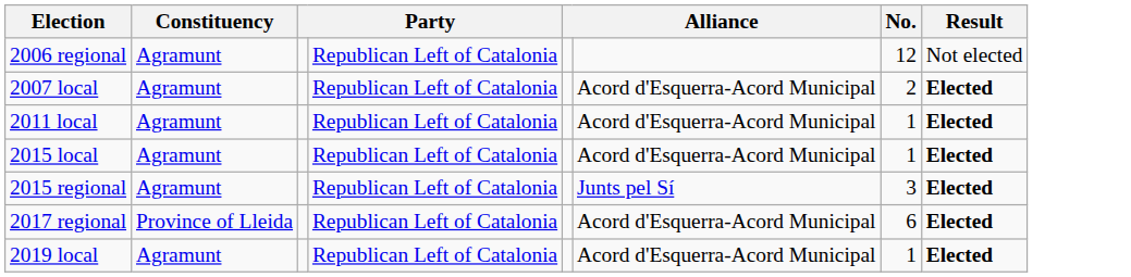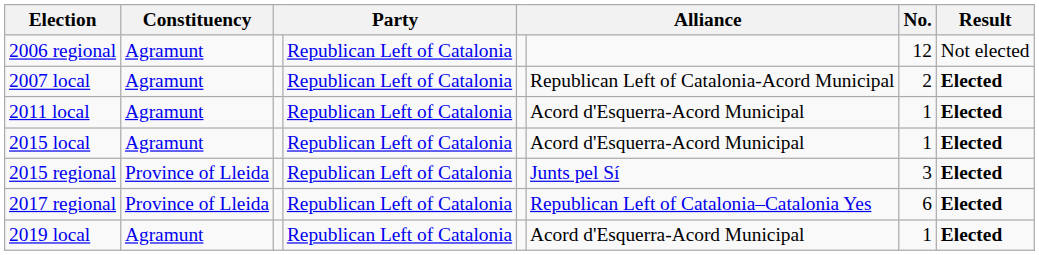 <table class="wikitable" style="text-align:left;">
 <tr>
 <th scope=col>Election</th>
 <th scope=col>Constituency</th>
 <th scope=col colspan="2">Party</th>
 <th scope=col colspan="2">Alliance</th>
 <th scope=col>No.</th>
 <th scope=col>Result</th>
 </tr>
 <tr>
 <td><a href='#'>2006 regional</a></td>
 <td><a href='#'>Agramunt</a></td>
 <td style="background:"></td>
 <td><a href='#'>Republican Left of Catalonia</a></td>
 <td></td>
 <td></td>
 <td align=right>12</td>
 <td>Not elected</td>
 </tr>
 <tr>
 <td><a href='#'>2007 local</a></td>
 <td><a href='#'>Agramunt</a></td>
 <td style="background:"></td>
 <td><a href='#'>Republican Left of Catalonia</a></td>
 <td></td>
-<td>Acord d'Esquerra-Acord Municipal</td>
+<td>Republican Left of Catalonia-Acord Municipal</td>
 <td align=right>2</td>
 <td><strong>Elected</strong></td>
 </tr>
 <tr>
 <td><a href='#'>2011 local</a></td>
 <td><a href='#'>Agramunt</a></td>
 <td style="background:"></td>
 <td><a href='#'>Republican Left of Catalonia</a></td>
 <td></td>
 <td>Acord d'Esquerra-Acord Municipal</td>
 <td align=right>1</td>
 <td><strong>Elected</strong></td>
 </tr>
 <tr>
 <td><a href='#'>2015 local</a></td>
 <td><a href='#'>Agramunt</a></td>
 <td style="background:"></td>
 <td><a href='#'>Republican Left of Catalonia</a></td>
 <td></td>
 <td>Acord d'Esquerra-Acord Municipal</td>
 <td align=right>1</td>
 <td><strong>Elected</strong></td>
 </tr>
 <tr>
 <td><a href='#'>2015 regional</a></td>
-<td><a href='#'>Agramunt</a></td>
+<td><a href='#'>Province of Lleida</a></td>
 <td style="background:"></td>
 <td><a href='#'>Republican Left of Catalonia</a></td>
 <td style="background:"></td>
 <td><a href='#'>Junts pel Sí</a></td>
 <td align=right>3</td>
 <td><strong>Elected</strong></td>
 </tr>
 <tr>
 <td><a href='#'>2017 regional</a></td>
 <td><a href='#'>Province of Lleida</a></td>
 <td style="background:"></td>
 <td><a href='#'>Republican Left of Catalonia</a></td>
 <td style="background:"></td>
-<td>Acord d'Esquerra-Acord Municipal</td>
+<td><a href='#'>Republican Left of Catalonia–Catalonia Yes</a></td>
 <td align=right>6</td>
 <td><strong>Elected</strong></td>
 </tr>
 <tr>
 <td><a href='#'>2019 local</a></td>
 <td><a href='#'>Agramunt</a></td>
 <td style="background:"></td>
 <td><a href='#'>Republican Left of Catalonia</a></td>
 <td></td>
 <td>Acord d'Esquerra-Acord Municipal</td>
 <td align=right>1</td>
 <td><strong>Elected</strong></td>
 </tr>
 </table>
